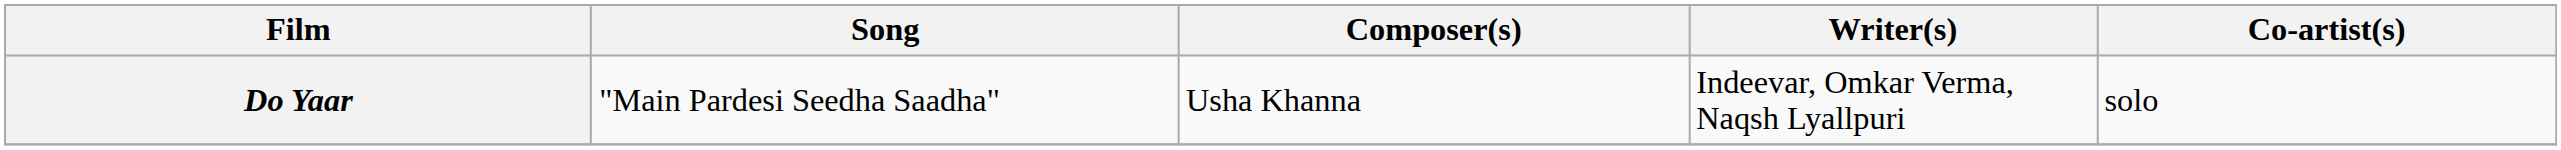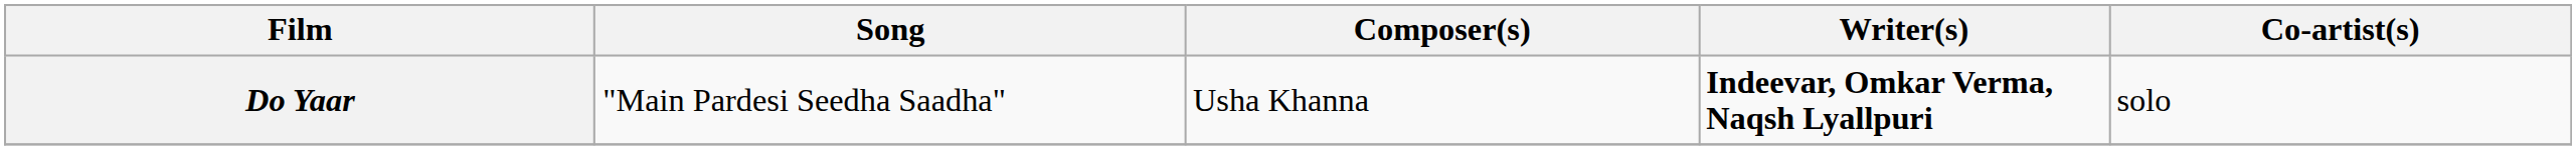 <table class="wikitable plainrowheaders" width="100%" textcolor:#000;">
 <tr style="background:#b0e0e66;">
 <th scope="col" width=23%><strong>Film</strong></th>
 <th scope="col" width=23%><strong>Song</strong></th>
 <th scope="col" width=20%><strong>Composer(s)</strong></th>
 <th scope="col" width=16%><strong>Writer(s)</strong></th>
 <th scope="col" width=18%><strong>Co-artist(s)</strong></th>
 </tr>
 <tr>
 <th><em>Do Yaar</em></th>
 <td>"Main Pardesi Seedha Saadha"</td>
 <td>Usha Khanna</td>
-<td>Indeevar, Omkar Verma, Naqsh Lyallpuri</td>
+<td><strong>Indeevar, Omkar Verma, Naqsh Lyallpuri</strong></td>
 <td>solo</td>
 </tr>
 <tr>
 </tr>
 </table>
